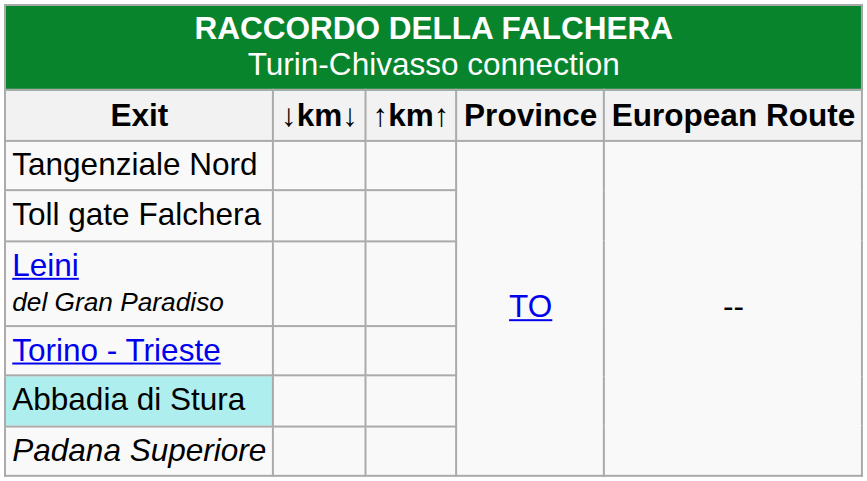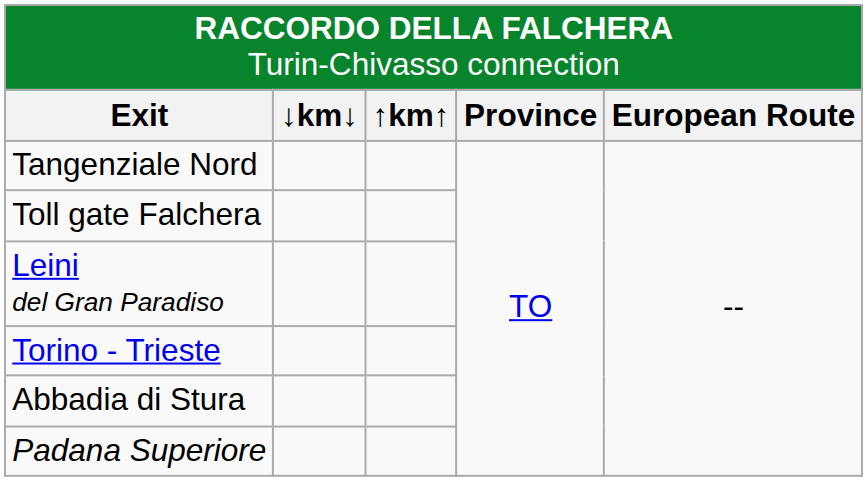 <table class="wikitable" border="1">
 <tr>
 </tr>
 <tr align="center" bgcolor="08842C" style="color: white;font-size:100%;">
 <td colspan="6"><strong> RACCORDO DELLA FALCHERA</strong><br>Turin-Chivasso connection</td>
 </tr>
 <tr>
 <th style="text-align:center;"><strong>Exit</strong></th>
 <th style="text-align:center;"><strong>↓km↓</strong></th>
 <th style="text-align:center;"><strong>↑km↑</strong></th>
 <th align="center"><strong>Province</strong></th>
 <th align="center"><strong>European Route</strong></th>
 </tr>
 <tr>
 <td> Tangenziale Nord</td>
 <td align="right"></td>
 <td align="right"></td>
 <td rowspan="6" align="center"><a href='#'>TO</a></td>
 <td rowspan=6 align="center">--</td>
 </tr>
 <tr>
 <td> Toll gate Falchera</td>
 <td align="right"></td>
 <td align="right"></td>
 </tr>
 <tr>
 <td> <a href='#'>Leini</a><br><small> <em>del Gran Paradiso</em></small></td>
 <td align="right"></td>
 <td align="right"></td>
 </tr>
 <tr>
 <td>   <a href='#'>Torino - Trieste</a></td>
 <td align="right"></td>
 <td align="right"></td>
 </tr>
 <tr>
-<td style="background: paleturquoise;"> Abbadia di Stura</td>
+<td> Abbadia di Stura</td>
 <td align="right"></td>
 <td align="right"></td>
 </tr>
 <tr>
 <td>   <em>Padana Superiore</em></td>
 <td align="right"></td>
 <td align="right"></td>
 </tr>
 </table>
